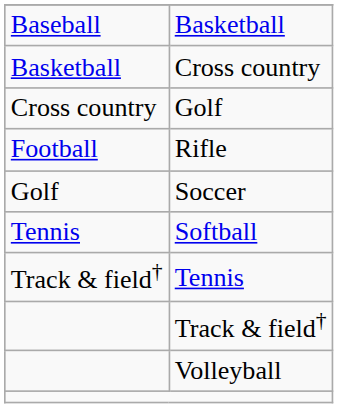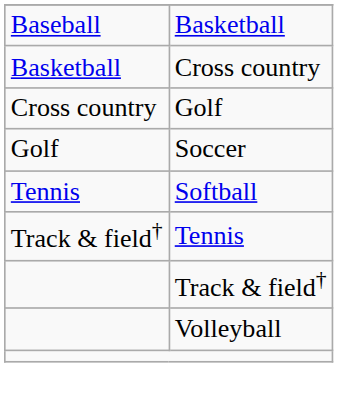 <table class="wikitable" style=" ">
 <tr>
 </tr>
 <tr>
 <td><a href='#'>Baseball</a></td>
 <td><a href='#'>Basketball</a></td>
 </tr>
 <tr>
 <td><a href='#'>Basketball</a></td>
 <td>Cross country</td>
 </tr>
 <tr>
 <td>Cross country</td>
 <td>Golf</td>
-</tr>
-<tr>
-<td><a href='#'>Football</a></td>
-<td>Rifle</td>
 </tr>
 <tr>
 <td>Golf</td>
 <td>Soccer</td>
 </tr>
 <tr>
 <td><a href='#'>Tennis</a></td>
 <td><a href='#'>Softball</a></td>
 </tr>
 <tr>
 <td>Track & field<sup>†</sup></td>
 <td><a href='#'>Tennis</a></td>
 </tr>
 <tr>
 <td></td>
 <td>Track & field<sup>†</sup></td>
 </tr>
 <tr>
 <td></td>
 <td>Volleyball</td>
 </tr>
 <tr>
 <td colspan="2"></td>
 </tr>
 </table>
